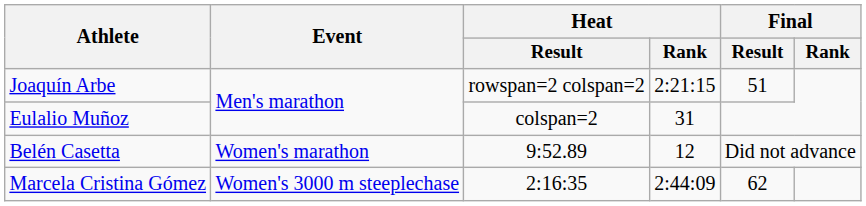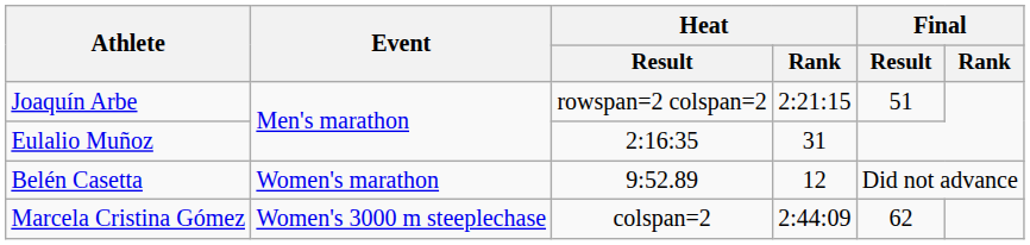 <table class="wikitable" style="font-size:90%">
 <tr>
 <th rowspan="2">Athlete</th>
 <th rowspan="2">Event</th>
 <th colspan="2">Heat</th>
 <th colspan="2">Final</th>
 </tr>
 <tr style="font-size:95%">
 <th>Result</th>
 <th>Rank</th>
 <th>Result</th>
 <th>Rank</th>
 </tr>
 <tr align=center>
 <td align=left><a href='#'>Joaquín Arbe</a></td>
 <td align=left rowspan=2><a href='#'>Men's marathon</a></td>
 <td>rowspan=2 colspan=2 </td>
 <td>2:21:15</td>
 <td>51</td>
 </tr>
 <tr align=center>
 <td align=left><a href='#'>Eulalio Muñoz</a></td>
-<td>colspan=2 </td>
+<td>2:16:35</td>
 <td>31</td>
 </tr>
 <tr align=center>
 <td align=left><a href='#'>Belén Casetta</a></td>
 <td align=left><a href='#'>Women's marathon</a></td>
 <td>9:52.89</td>
 <td>12</td>
 <td colspan=2>Did not advance</td>
 </tr>
 <tr align=center>
 <td align=left><a href='#'>Marcela Cristina Gómez</a></td>
 <td align=left><a href='#'>Women's 3000 m steeplechase</a></td>
-<td>2:16:35</td>
+<td>colspan=2 </td>
 <td>2:44:09</td>
 <td>62</td>
 </tr>
 </table>
